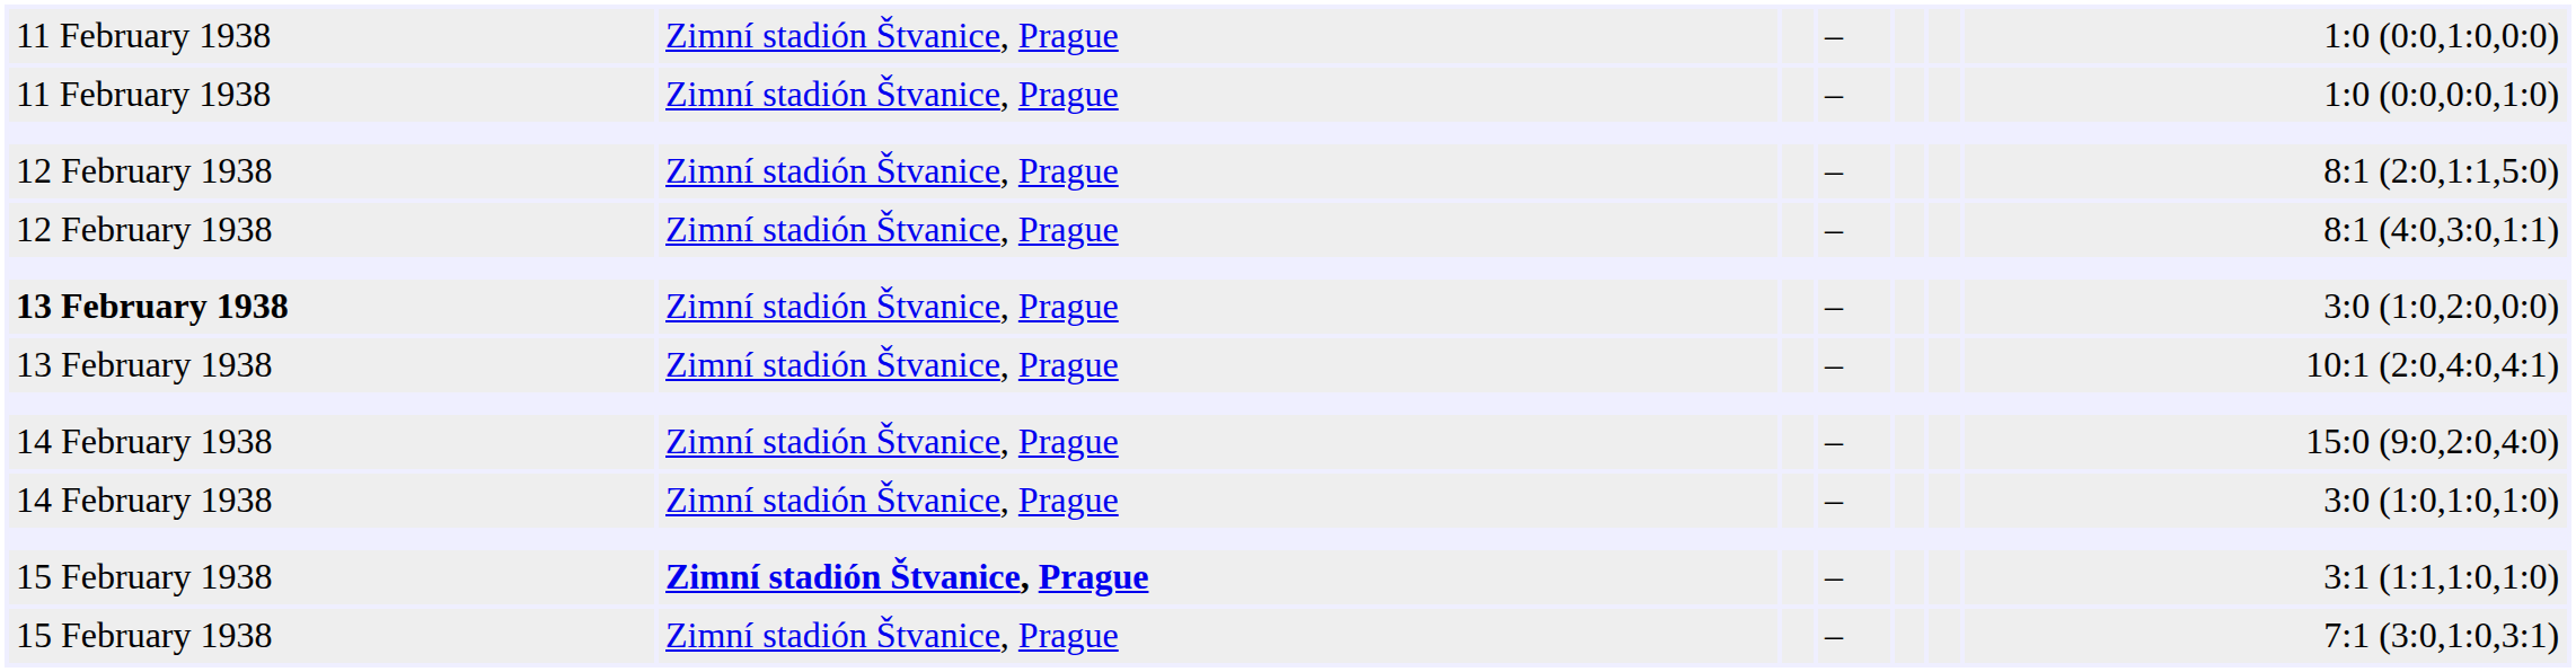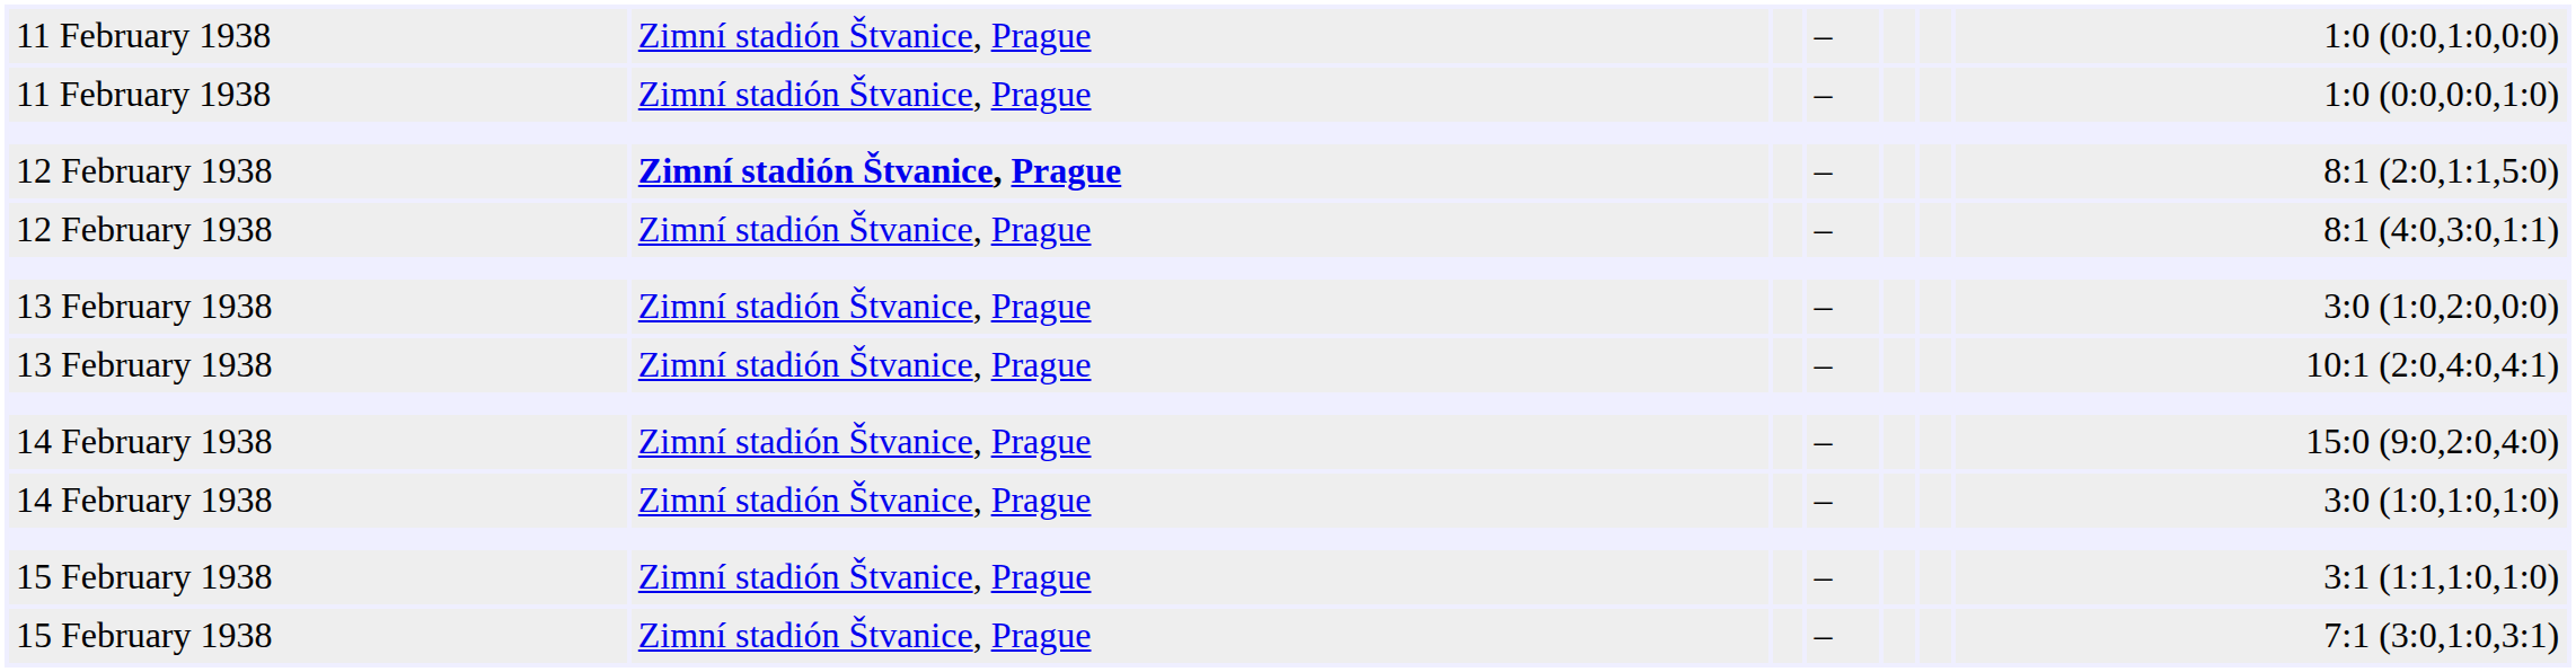 <table cellspacing="2" border="0" cellpadding="3" bgcolor="#EFEFFF" width="90%">
 <tr>
 <td bgcolor="#EEEEEE">11 February 1938</td>
 <td bgcolor="#EEEEEE"><a href='#'>Zimní stadión Štvanice</a>, <a href='#'>Prague</a></td>
 <td bgcolor="#EEEEEE"><strong></strong></td>
 <td bgcolor="#EEEEEE">–</td>
 <td bgcolor="#EEEEEE"></td>
 <td bgcolor="#EEEEEE"></td>
 <td bgcolor="#EEEEEE" align="right">1:0 (0:0,1:0,0:0)</td>
 </tr>
 <tr>
 <td bgcolor="#EEEEEE">11 February 1938</td>
 <td bgcolor="#EEEEEE"><a href='#'>Zimní stadión Štvanice</a>, <a href='#'>Prague</a></td>
 <td bgcolor="#EEEEEE"><strong></strong></td>
 <td bgcolor="#EEEEEE">–</td>
 <td bgcolor="#EEEEEE"></td>
 <td bgcolor="#EEEEEE"></td>
 <td bgcolor="#EEEEEE" align="right">1:0 (0:0,0:0,1:0)</td>
 </tr>
 <tr>
 <td></td>
 </tr>
 <tr>
 <td bgcolor="#EEEEEE">12 February 1938</td>
-<td bgcolor="#EEEEEE"><a href='#'>Zimní stadión Štvanice</a>, <a href='#'>Prague</a></td>
+<td bgcolor="#EEEEEE"><strong><a href='#'>Zimní stadión Štvanice</a>, <a href='#'>Prague</a></strong></td>
 <td bgcolor="#EEEEEE"><strong></strong></td>
 <td bgcolor="#EEEEEE">–</td>
 <td bgcolor="#EEEEEE"></td>
 <td bgcolor="#EEEEEE"></td>
 <td bgcolor="#EEEEEE" align="right">8:1 (2:0,1:1,5:0)</td>
 </tr>
 <tr>
 <td bgcolor="#EEEEEE">12 February 1938</td>
 <td bgcolor="#EEEEEE"><a href='#'>Zimní stadión Štvanice</a>, <a href='#'>Prague</a></td>
 <td bgcolor="#EEEEEE"><strong></strong></td>
 <td bgcolor="#EEEEEE">–</td>
 <td bgcolor="#EEEEEE"></td>
 <td bgcolor="#EEEEEE"></td>
 <td bgcolor="#EEEEEE" align="right">8:1 (4:0,3:0,1:1)</td>
 </tr>
 <tr>
 <td></td>
 </tr>
 <tr>
-<td bgcolor="#EEEEEE"><strong>13 February 1938</strong></td>
+<td bgcolor="#EEEEEE">13 February 1938</td>
 <td bgcolor="#EEEEEE"><a href='#'>Zimní stadión Štvanice</a>, <a href='#'>Prague</a></td>
 <td bgcolor="#EEEEEE"><strong></strong></td>
 <td bgcolor="#EEEEEE">–</td>
 <td bgcolor="#EEEEEE"></td>
 <td bgcolor="#EEEEEE"></td>
 <td bgcolor="#EEEEEE" align="right">3:0 (1:0,2:0,0:0)</td>
 </tr>
 <tr>
 <td bgcolor="#EEEEEE">13 February 1938</td>
 <td bgcolor="#EEEEEE"><a href='#'>Zimní stadión Štvanice</a>, <a href='#'>Prague</a></td>
 <td bgcolor="#EEEEEE"><strong></strong></td>
 <td bgcolor="#EEEEEE">–</td>
 <td bgcolor="#EEEEEE"></td>
 <td bgcolor="#EEEEEE"></td>
 <td bgcolor="#EEEEEE" align="right">10:1 (2:0,4:0,4:1)</td>
 </tr>
 <tr>
 <td></td>
 </tr>
 <tr>
 <td bgcolor="#EEEEEE">14 February 1938</td>
 <td bgcolor="#EEEEEE"><a href='#'>Zimní stadión Štvanice</a>, <a href='#'>Prague</a></td>
 <td bgcolor="#EEEEEE"><strong></strong></td>
 <td bgcolor="#EEEEEE">–</td>
 <td bgcolor="#EEEEEE"></td>
 <td bgcolor="#EEEEEE"></td>
 <td bgcolor="#EEEEEE" align="right">15:0 (9:0,2:0,4:0)</td>
 </tr>
 <tr>
 <td bgcolor="#EEEEEE">14 February 1938</td>
 <td bgcolor="#EEEEEE"><a href='#'>Zimní stadión Štvanice</a>, <a href='#'>Prague</a></td>
 <td bgcolor="#EEEEEE"><strong></strong></td>
 <td bgcolor="#EEEEEE">–</td>
 <td bgcolor="#EEEEEE"></td>
 <td bgcolor="#EEEEEE"></td>
 <td bgcolor="#EEEEEE" align="right">3:0 (1:0,1:0,1:0)</td>
 </tr>
 <tr>
 <td></td>
 </tr>
 <tr>
 <td bgcolor="#EEEEEE">15 February 1938</td>
-<td bgcolor="#EEEEEE"><strong><a href='#'>Zimní stadión Štvanice</a>, <a href='#'>Prague</a></strong></td>
+<td bgcolor="#EEEEEE"><a href='#'>Zimní stadión Štvanice</a>, <a href='#'>Prague</a></td>
 <td bgcolor="#EEEEEE"><strong></strong></td>
 <td bgcolor="#EEEEEE">–</td>
 <td bgcolor="#EEEEEE"></td>
 <td bgcolor="#EEEEEE"></td>
 <td bgcolor="#EEEEEE" align="right">3:1 (1:1,1:0,1:0)</td>
 </tr>
 <tr>
 <td bgcolor="#EEEEEE">15 February 1938</td>
 <td bgcolor="#EEEEEE"><a href='#'>Zimní stadión Štvanice</a>, <a href='#'>Prague</a></td>
 <td bgcolor="#EEEEEE"><strong></strong></td>
 <td bgcolor="#EEEEEE">–</td>
 <td bgcolor="#EEEEEE"></td>
 <td bgcolor="#EEEEEE"></td>
 <td bgcolor="#EEEEEE" align="right">7:1 (3:0,1:0,3:1)</td>
 </tr>
 </table>
